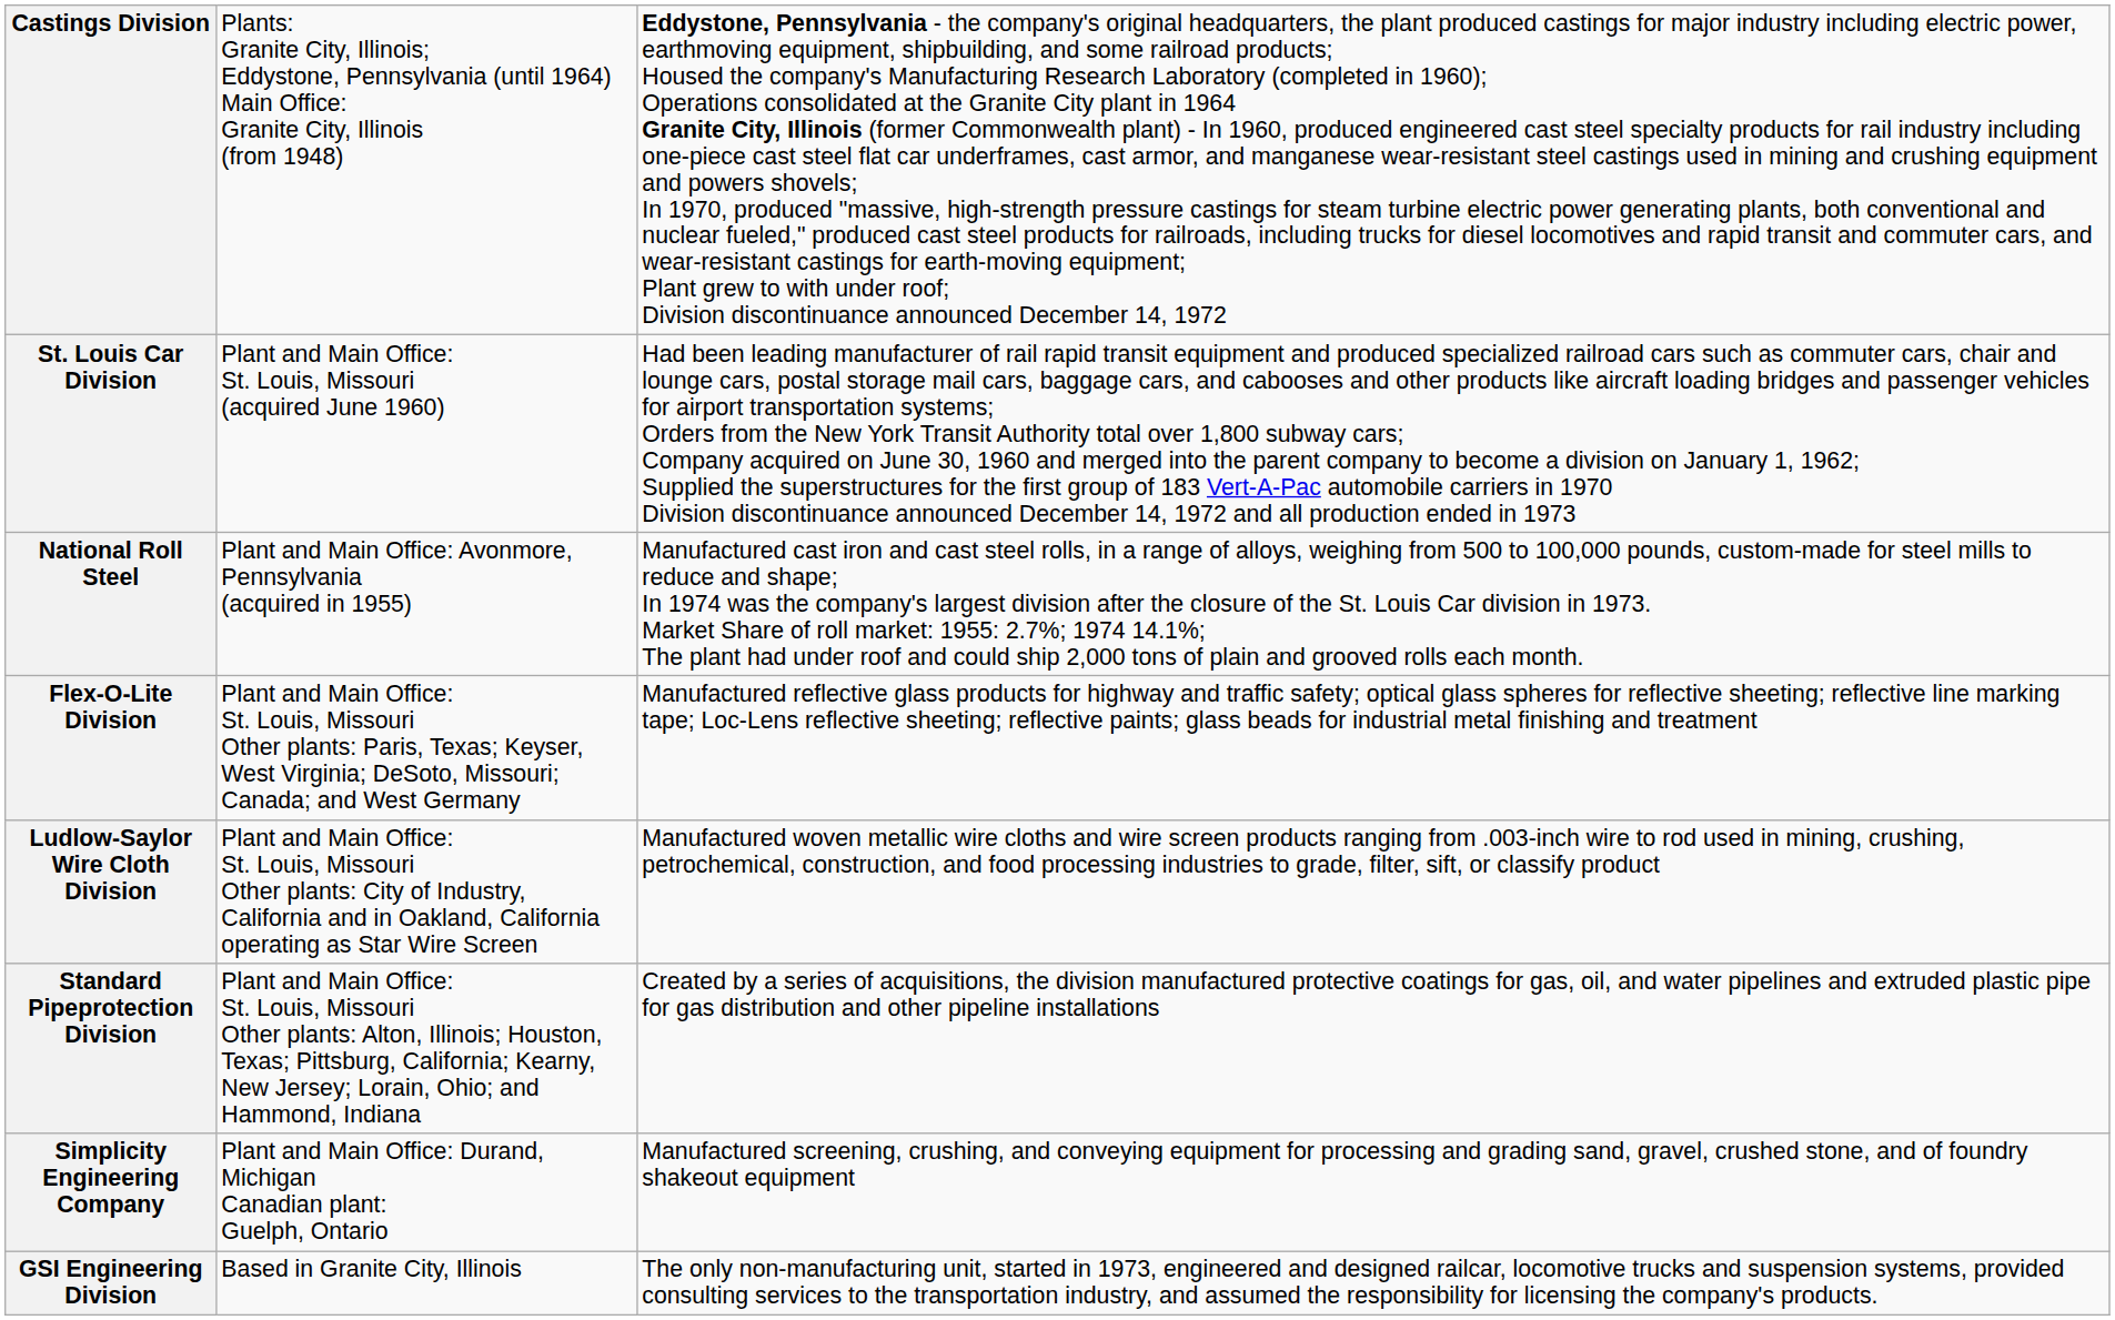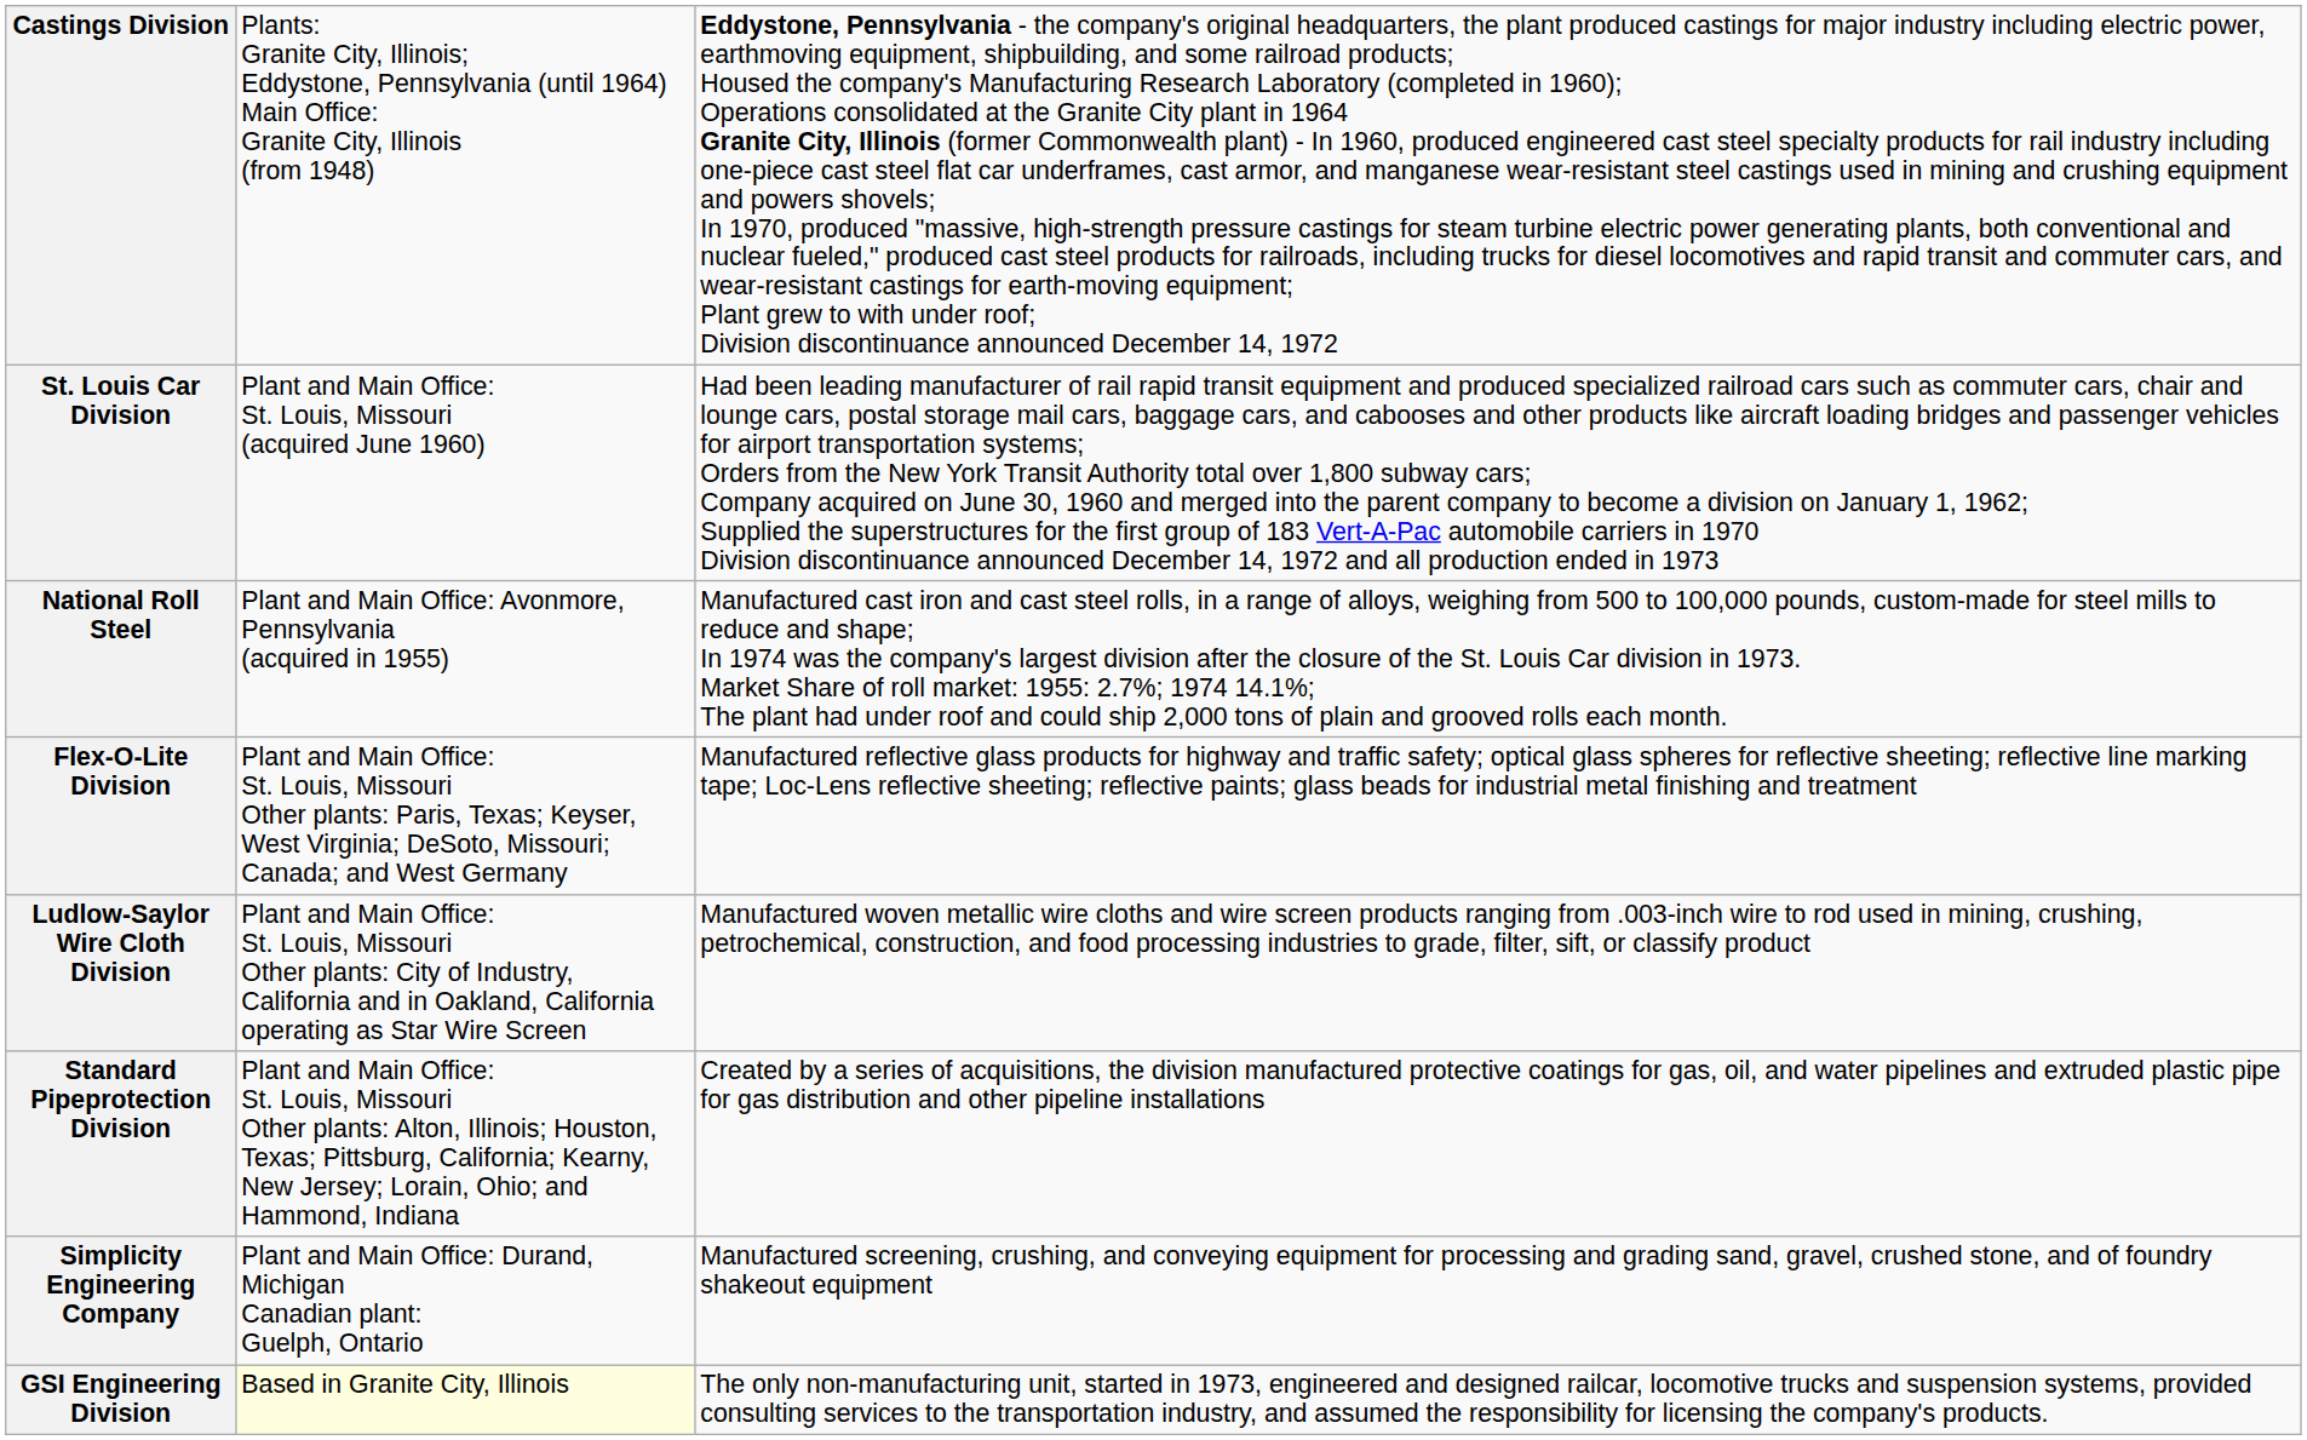 <table class="wikitable"  style="margin:1em auto 1em auto; width:90%;">
 <tr valign="top">
 <th scope="row" style="width:10%;">Castings Division</th>
 <td style="width:20%;">Plants:<br>Granite City, Illinois;<br>Eddystone, Pennsylvania (until 1964)<br>Main Office: <br>Granite City, Illinois<br>(from 1948)</td>
 <td style="width:70%;"><strong>Eddystone, Pennsylvania</strong> - the company's original headquarters, the plant produced castings for major industry including electric power, earthmoving equipment, shipbuilding, and some railroad products;<br>Housed the company's Manufacturing Research Laboratory (completed in 1960);<br>Operations consolidated at the Granite City plant in 1964<br><strong>Granite City, Illinois</strong> (former Commonwealth plant) -  In 1960, produced engineered cast steel specialty products for rail industry including one-piece cast steel flat car underframes, cast armor, and manganese wear-resistant steel castings used in mining and crushing equipment and powers shovels;<br>In 1970, produced "massive, high-strength pressure castings for steam turbine electric power generating plants, both conventional and nuclear fueled," produced cast steel products for railroads, including trucks for diesel locomotives and rapid transit and commuter cars, and wear-resistant castings for earth-moving equipment;<br>Plant grew to  with  under roof;<br>Division discontinuance announced December 14, 1972</td>
 </tr>
 <tr valign="top">
 <th scope="row">St. Louis Car Division</th>
 <td>Plant and Main Office:<br>St. Louis, Missouri<br>(acquired June 1960)</td>
 <td>Had been leading manufacturer of rail rapid transit equipment and produced specialized railroad cars such as commuter cars, chair and lounge cars, postal storage mail cars, baggage cars, and cabooses and other products like aircraft loading bridges and passenger vehicles for airport transportation systems;<br>Orders from the New York Transit Authority total over 1,800 subway cars;<br>Company acquired on June 30, 1960 and merged into the parent company to become a division on January 1, 1962;<br>Supplied the superstructures for the first group of 183 <a href='#'>Vert-A-Pac</a> automobile carriers in 1970<br>Division discontinuance announced December 14, 1972 and all production ended in 1973</td>
 </tr>
 <tr valign="top">
 <th scope="row">National Roll Steel</th>
 <td>Plant and Main Office: Avonmore, Pennsylvania <br>(acquired in 1955)</td>
 <td>Manufactured cast iron and cast steel rolls, in a range of alloys, weighing from 500 to 100,000 pounds, custom-made for steel mills to reduce and shape;<br>In 1974 was the company's largest division after the closure of the St. Louis Car division in 1973.<br>Market Share of roll market:  1955: 2.7%; 1974 14.1%;<br>The plant had  under roof and could ship 2,000 tons of plain and grooved rolls each month.</td>
 </tr>
 <tr valign="top">
 <th scope="row">Flex-O-Lite Division</th>
 <td>Plant and Main Office: <br>St. Louis, Missouri <br>Other plants: Paris, Texas; Keyser, West Virginia; DeSoto, Missouri; Canada; and West Germany</td>
 <td>Manufactured reflective glass products for highway and traffic safety; optical glass spheres for reflective sheeting; reflective line marking tape; Loc-Lens reflective sheeting; reflective paints; glass beads for industrial metal finishing and treatment</td>
 </tr>
 <tr valign="top">
 <th scope="row">Ludlow-Saylor Wire Cloth Division</th>
 <td>Plant and Main Office:<br>St. Louis, Missouri <br>Other plants:  City of Industry, California and in Oakland, California operating as Star Wire Screen</td>
 <td>Manufactured woven metallic wire cloths and wire screen products ranging from .003-inch wire to  rod used in mining, crushing, petrochemical, construction, and food processing industries to grade, filter, sift, or classify product</td>
 </tr>
 <tr valign="top">
 <th scope="row">Standard Pipeprotection Division</th>
 <td>Plant and Main Office:<br>St. Louis, Missouri <br>Other plants: Alton, Illinois; Houston, Texas; Pittsburg, California; Kearny, New Jersey; Lorain, Ohio; and Hammond, Indiana</td>
 <td>Created by a series of acquisitions, the division manufactured protective coatings for gas, oil, and water pipelines and extruded plastic pipe for gas distribution and other pipeline installations</td>
 </tr>
 <tr valign="top">
 <th scope="row">Simplicity Engineering Company</th>
 <td>Plant and Main Office: Durand, Michigan<br>Canadian plant:<br>Guelph, Ontario</td>
 <td>Manufactured screening, crushing, and conveying equipment for processing and grading sand, gravel, crushed stone, and of foundry shakeout equipment</td>
 </tr>
 <tr valign="top">
 <th scope="row">GSI Engineering Division</th>
-<td>Based in Granite City, Illinois</td>
+<td style="background: lightyellow;">Based in Granite City, Illinois</td>
 <td>The only non-manufacturing unit, started in 1973, engineered and designed railcar, locomotive trucks and suspension systems, provided consulting services to the transportation industry, and assumed the responsibility for licensing the company's products.</td>
 </tr>
 </table>
